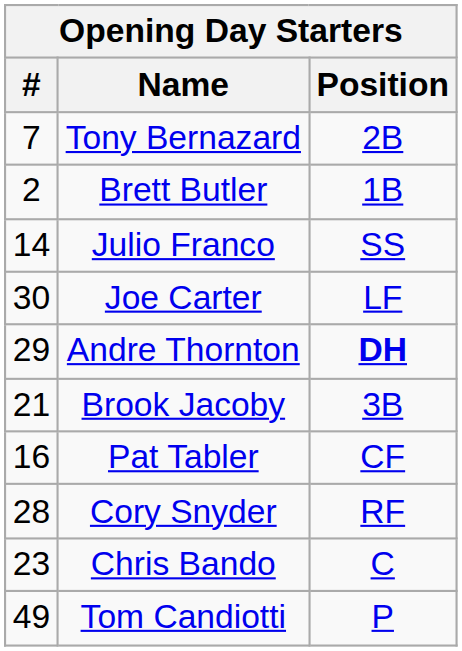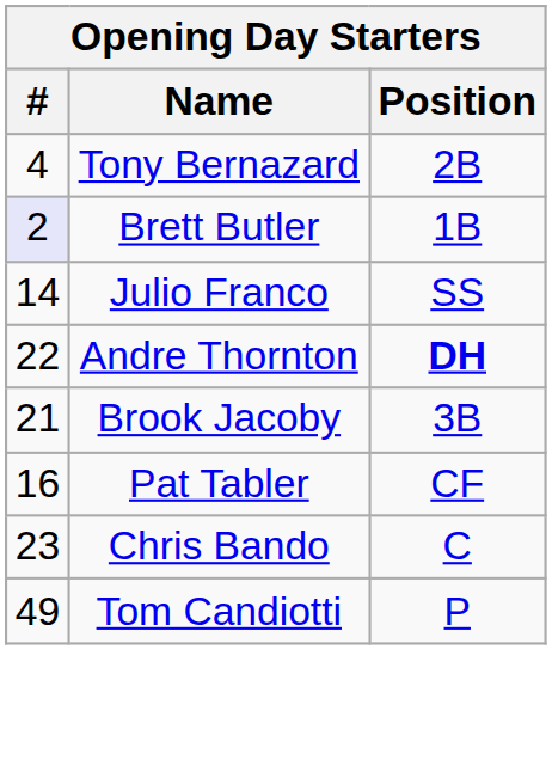 <table class="wikitable" style="text-align:center">
 <tr>
 <th colspan="3">Opening Day Starters</th>
 </tr>
 <tr>
 <th>#</th>
 <th>Name</th>
 <th>Position</th>
 </tr>
 <tr>
-<td>7</td>
+<td>4</td>
 <td><a href='#'>Tony Bernazard</a></td>
 <td><a href='#'>2B</a></td>
 </tr>
 <tr>
-<td>2</td>
+<td style="background: lavender;">2</td>
 <td><a href='#'>Brett Butler</a></td>
 <td><a href='#'>1B</a></td>
 </tr>
 <tr>
 <td>14</td>
 <td><a href='#'>Julio Franco</a></td>
 <td><a href='#'>SS</a></td>
 </tr>
 <tr>
-<td>30</td>
-<td><a href='#'>Joe Carter</a></td>
-<td><a href='#'>LF</a></td>
-</tr>
-<tr>
-<td>29</td>
+<td>22</td>
 <td><a href='#'>Andre Thornton</a></td>
 <td><strong><a href='#'>DH</a></strong></td>
 </tr>
 <tr>
 <td>21</td>
 <td><a href='#'>Brook Jacoby</a></td>
 <td><a href='#'>3B</a></td>
 </tr>
 <tr>
 <td>16</td>
 <td><a href='#'>Pat Tabler</a></td>
 <td><a href='#'>CF</a></td>
 </tr>
 <tr>
-<td>28</td>
-<td><a href='#'>Cory Snyder</a></td>
-<td><a href='#'>RF</a></td>
-</tr>
-<tr>
 <td>23</td>
 <td><a href='#'>Chris Bando</a></td>
 <td><a href='#'>C</a></td>
 </tr>
 <tr>
 <td>49</td>
 <td><a href='#'>Tom Candiotti</a></td>
 <td><a href='#'>P</a></td>
 </tr>
 </table>
